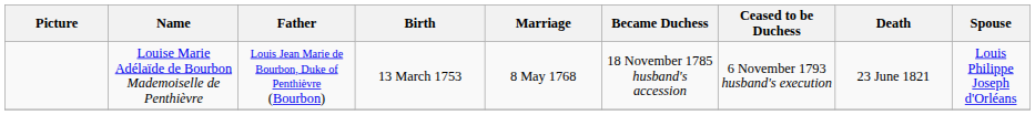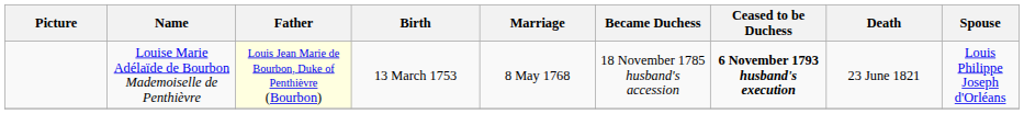 <table width=95% class="wikitable">
 <tr>
 <th width = "8%">Picture</th>
 <th width = "10%">Name</th>
 <th width = "9%">Father</th>
 <th width = "10%">Birth</th>
 <th width = "9%">Marriage</th>
 <th width = "9%">Became Duchess</th>
 <th width = "9%">Ceased to be Duchess</th>
 <th width = "9%">Death</th>
 <th width = "6%">Spouse</th>
 </tr>
 <tr>
 <td align="center"></td>
 <td align="center"><a href='#'>Louise Marie Adélaïde de Bourbon</a><br><em>Mademoiselle de Penthièvre</em></td>
-<td align="center"><small><a href='#'>Louis Jean Marie de Bourbon, Duke of Penthièvre</a></small><br>(<a href='#'>Bourbon</a>)</td>
+<td align="center" style="background: lightyellow;"><small><a href='#'>Louis Jean Marie de Bourbon, Duke of Penthièvre</a></small><br>(<a href='#'>Bourbon</a>)</td>
 <td align="center">13 March 1753</td>
 <td align="center">8 May 1768</td>
 <td align="center">18 November 1785<br><em>husband's accession</em></td>
-<td align="center">6 November 1793<br><em>husband's execution</em></td>
+<td align="center"><strong>6 November 1793<br><em>husband's execution</em></strong></td>
 <td align="center">23 June 1821</td>
 <td align="center"><a href='#'>Louis Philippe Joseph d'Orléans</a></td>
 </tr>
 <tr>
 </tr>
 </table>
